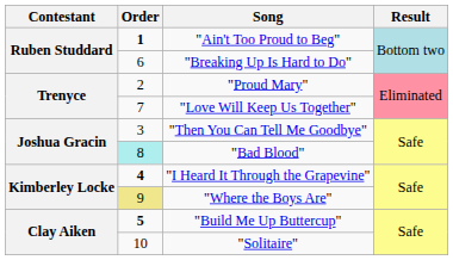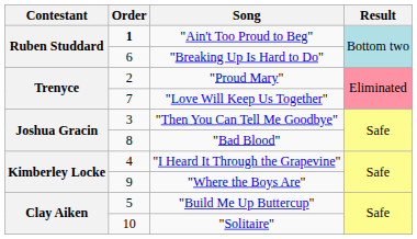 <table class="wikitable unsortable" style="text-align:center;">
 <tr>
 <th scope="col">Contestant</th>
 <th scope="col">Order</th>
 <th scope="col">Song</th>
 <th scope="col">Result</th>
 </tr>
 <tr>
 <th rowspan="2" scope="row">Ruben Studdard</th>
 <td><strong>1</strong></td>
 <td>"<a href='#'>Ain't Too Proud to Beg</a>"</td>
 <td rowspan="2" style="background:#B0E0E6">Bottom two</td>
 </tr>
 <tr>
 <td>6</td>
 <td>"<a href='#'>Breaking Up Is Hard to Do</a>"</td>
 </tr>
 <tr>
 <th rowspan="2" scope="row">Trenyce</th>
 <td>2</td>
 <td>"<a href='#'>Proud Mary</a>"</td>
 <td rowspan="2" style="background:#FF91A4;">Eliminated</td>
 </tr>
 <tr>
 <td>7</td>
 <td>"<a href='#'>Love Will Keep Us Together</a>"</td>
 </tr>
 <tr>
 <th rowspan="2" scope="row">Joshua Gracin</th>
 <td>3</td>
 <td>"<a href='#'>Then You Can Tell Me Goodbye</a>"</td>
 <td rowspan="2" style="background:#FDFC8F;">Safe</td>
 </tr>
 <tr>
-<td style="background: paleturquoise;">8</td>
+<td>8</td>
 <td>"<a href='#'>Bad Blood</a>"</td>
 </tr>
 <tr>
 <th rowspan="2" scope="row">Kimberley Locke</th>
-<td><strong>4</strong></td>
+<td>4</td>
 <td>"<a href='#'>I Heard It Through the Grapevine</a>"</td>
 <td rowspan="2" style="background:#FDFC8F;">Safe</td>
 </tr>
 <tr>
-<td style="background: khaki;">9</td>
+<td>9</td>
 <td>"<a href='#'>Where the Boys Are</a>"</td>
 </tr>
 <tr>
 <th rowspan="2" scope="row">Clay Aiken</th>
-<td><strong>5</strong></td>
+<td>5</td>
 <td>"<a href='#'>Build Me Up Buttercup</a>"</td>
 <td rowspan="2" style="background:#FDFC8F;">Safe</td>
 </tr>
 <tr>
 <td>10</td>
 <td>"<a href='#'>Solitaire</a>"</td>
 </tr>
 </table>
